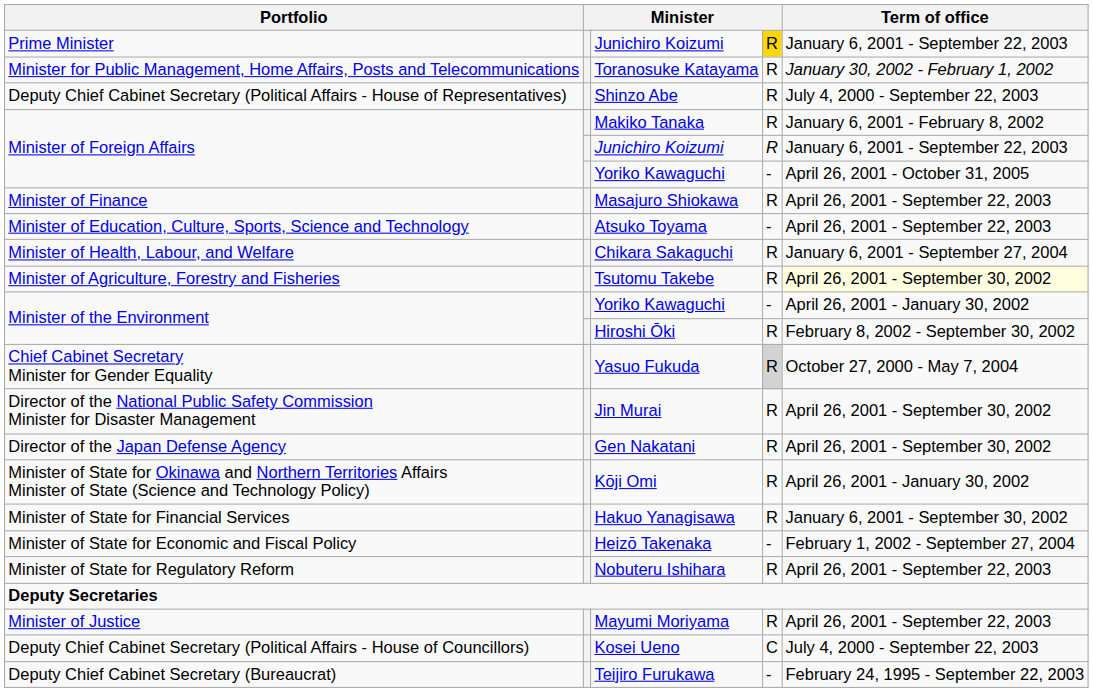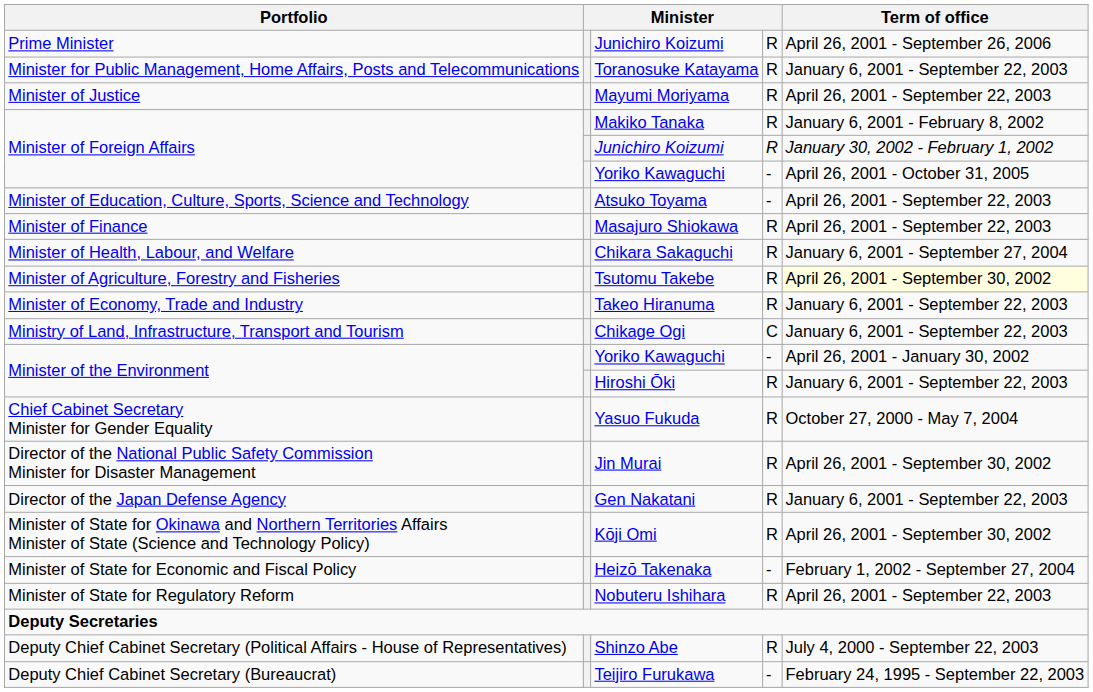 <table class="wikitable">
 <tr>
 <th>Portfolio</th>
 <th colspan=3>Minister</th>
 <th>Term of office</th>
 </tr>
 <tr>
 <td><a href='#'>Prime Minister</a></td>
 <th style="color:inherit;background-color: "></th>
 <td><a href='#'>Junichiro Koizumi</a></td>
-<td style="background: gold;">R</td>
-<td>January 6, 2001 - September 22, 2003</td>
+<td>R</td>
+<td>April 26, 2001 - September 26, 2006</td>
 </tr>
 <tr>
 <td><a href='#'>Minister for Public Management, Home Affairs, Posts and Telecommunications</a></td>
 <th style="color:inherit;background-color: "></th>
 <td><a href='#'>Toranosuke Katayama</a></td>
 <td>R</td>
-<td><em>January 30, 2002 - February 1, 2002</em></td>
+<td>January 6, 2001 - September 22, 2003</td>
 </tr>
 <tr>
-<td>Deputy Chief Cabinet Secretary (Political Affairs - House of Representatives)</td>
+<td><a href='#'>Minister of Justice</a></td>
 <th style="color:inherit;background-color: "></th>
-<td><a href='#'>Shinzo Abe</a></td>
+<td><a href='#'>Mayumi Moriyama</a></td>
 <td>R</td>
-<td>July 4, 2000 - September 22, 2003</td>
+<td>April 26, 2001 - September 22, 2003</td>
 </tr>
 <tr>
 <td rowspan=3><a href='#'>Minister of Foreign Affairs</a></td>
 <th style="color:inherit;background-color: "></th>
 <td><a href='#'>Makiko Tanaka</a></td>
 <td>R</td>
 <td>January 6, 2001 - February 8, 2002</td>
 </tr>
 <tr>
 <th style="color:inherit;background-color: "></th>
 <td><em><a href='#'>Junichiro Koizumi</a></em></td>
 <td><em>R</em></td>
-<td>January 6, 2001 - September 22, 2003</td>
+<td><em>January 30, 2002 - February 1, 2002</em></td>
 </tr>
 <tr>
 <th style="color:inherit;background-color: "></th>
 <td><a href='#'>Yoriko Kawaguchi</a></td>
 <td>-</td>
 <td>April 26, 2001 - October 31, 2005</td>
 </tr>
 <tr>
+<td><a href='#'>Minister of Education, Culture, Sports, Science and Technology</a></td>
+<th style="color:inherit;background-color: "></th>
+<td><a href='#'>Atsuko Toyama</a></td>
+<td>-</td>
+<td>April 26, 2001 - September 22, 2003</td>
+</tr>
+<tr>
 <td><a href='#'>Minister of Finance</a></td>
 <th style="color:inherit;background-color: "></th>
 <td><a href='#'>Masajuro Shiokawa</a></td>
 <td>R</td>
-<td>April 26, 2001 - September 22, 2003</td>
-</tr>
-<tr>
-<td><a href='#'>Minister of Education, Culture, Sports, Science and Technology</a></td>
-<th style="color:inherit;background-color: "></th>
-<td><a href='#'>Atsuko Toyama</a></td>
-<td>-</td>
 <td>April 26, 2001 - September 22, 2003</td>
 </tr>
 <tr>
 <td><a href='#'>Minister of Health, Labour, and Welfare</a></td>
 <th style="color:inherit;background-color: "></th>
 <td><a href='#'>Chikara Sakaguchi</a></td>
 <td>R</td>
 <td>January 6, 2001 - September 27, 2004</td>
 </tr>
 <tr>
 <td><a href='#'>Minister of Agriculture, Forestry and Fisheries</a></td>
 <th style="color:inherit;background-color: "></th>
 <td><a href='#'>Tsutomu Takebe</a></td>
 <td>R</td>
 <td style="background: lightyellow;">April 26, 2001 - September 30, 2002</td>
 </tr>
 <tr>
+<td><a href='#'>Minister of Economy, Trade and Industry</a></td>
+<th style="color:inherit;background-color: "></th>
+<td><a href='#'>Takeo Hiranuma</a></td>
+<td>R</td>
+<td>January 6, 2001 - September 22, 2003</td>
+</tr>
+<tr>
+<td><a href='#'>Ministry of Land, Infrastructure, Transport and Tourism</a></td>
+<th style="color:inherit;background-color: "></th>
+<td><a href='#'>Chikage Ogi</a></td>
+<td>C</td>
+<td>January 6, 2001 - September 22, 2003</td>
+</tr>
+<tr>
 <td rowspan=2><a href='#'>Minister of the Environment</a></td>
 <th style="color:inherit;background-color: "></th>
 <td><a href='#'>Yoriko Kawaguchi</a></td>
 <td>-</td>
 <td>April 26, 2001 - January 30, 2002</td>
 </tr>
 <tr>
 <th style="color:inherit;background-color: "></th>
 <td><a href='#'>Hiroshi Ōki</a></td>
 <td>R</td>
-<td>February 8, 2002 - September 30, 2002</td>
+<td>January 6, 2001 - September 22, 2003</td>
 </tr>
 <tr>
 <td><a href='#'>Chief Cabinet Secretary</a> <br>Minister for Gender Equality</td>
 <th style="color:inherit;background-color: "></th>
 <td><a href='#'>Yasuo Fukuda</a></td>
-<td style="background: lightgrey;">R</td>
+<td>R</td>
 <td>October 27, 2000 - May 7, 2004</td>
 </tr>
 <tr>
 <td>Director of the <a href='#'>National Public Safety Commission</a> <br>Minister for Disaster Management</td>
 <th style="color:inherit;background-color: "></th>
 <td><a href='#'>Jin Murai</a></td>
 <td>R</td>
 <td>April 26, 2001 - September 30, 2002</td>
 </tr>
 <tr>
 <td>Director of the <a href='#'>Japan Defense Agency</a></td>
 <th style="color:inherit;background-color: "></th>
 <td><a href='#'>Gen Nakatani</a></td>
 <td>R</td>
-<td>April 26, 2001 - September 30, 2002</td>
+<td>January 6, 2001 - September 22, 2003</td>
 </tr>
 <tr>
 <td>Minister of State for <a href='#'>Okinawa</a> and <a href='#'>Northern Territories</a> Affairs <br>Minister of State (Science and Technology Policy)</td>
 <th style="color:inherit;background-color: "></th>
 <td><a href='#'>Kōji Omi</a></td>
 <td>R</td>
-<td>April 26, 2001 - January 30, 2002</td>
-</tr>
-<tr>
-<td>Minister of State for Financial Services</td>
-<th style="color:inherit;background-color: "></th>
-<td><a href='#'>Hakuo Yanagisawa</a></td>
-<td>R</td>
-<td>January 6, 2001 - September 30, 2002</td>
+<td>April 26, 2001 - September 30, 2002</td>
 </tr>
 <tr>
 <td>Minister of State for Economic and Fiscal Policy</td>
 <th style="color:inherit;background-color: "></th>
 <td><a href='#'>Heizō Takenaka</a></td>
 <td>-</td>
 <td>February 1, 2002 - September 27, 2004</td>
 </tr>
 <tr>
 <td>Minister of State for Regulatory Reform</td>
 <th style="color:inherit;background-color: "></th>
 <td><a href='#'>Nobuteru Ishihara</a></td>
 <td>R</td>
 <td>April 26, 2001 - September 22, 2003</td>
 </tr>
 <tr>
 <td colspan=5><strong>Deputy Secretaries</strong></td>
 </tr>
 <tr>
-<td><a href='#'>Minister of Justice</a></td>
+<td>Deputy Chief Cabinet Secretary (Political Affairs - House of Representatives)</td>
 <th style="color:inherit;background-color: "></th>
-<td><a href='#'>Mayumi Moriyama</a></td>
+<td><a href='#'>Shinzo Abe</a></td>
 <td>R</td>
-<td>April 26, 2001 - September 22, 2003</td>
-</tr>
-<tr>
-<td>Deputy Chief Cabinet Secretary (Political Affairs - House of Councillors)</td>
-<th style="color:inherit;background-color: "></th>
-<td><a href='#'>Kosei Ueno</a></td>
-<td>C</td>
 <td>July 4, 2000 - September 22, 2003</td>
 </tr>
 <tr>
 <td>Deputy Chief Cabinet Secretary (Bureaucrat)</td>
 <th style="color:inherit;background-color: "></th>
 <td><a href='#'>Teijiro Furukawa</a></td>
 <td>-</td>
 <td>February 24, 1995 - September 22, 2003</td>
 </tr>
 </table>
